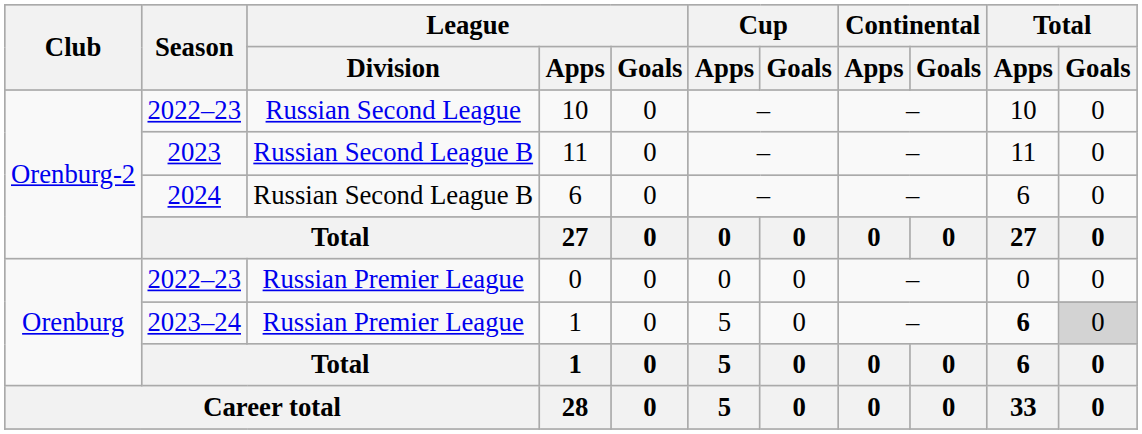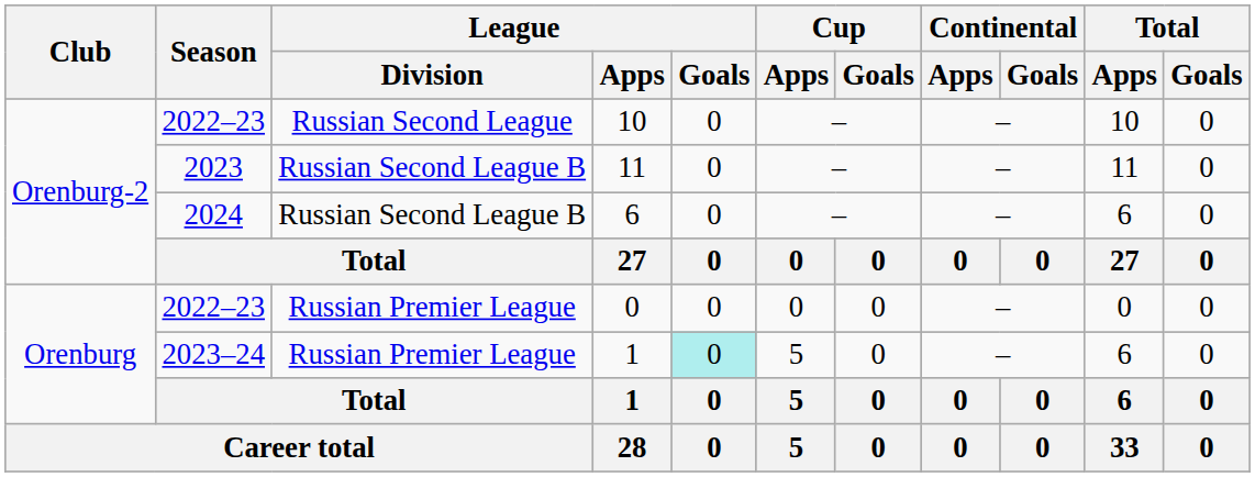 <table class="wikitable" style="text-align: center;">
 <tr>
 <th rowspan=2>Club</th>
 <th rowspan=2>Season</th>
 <th colspan=3>League</th>
 <th colspan=2>Cup</th>
 <th colspan=2>Continental</th>
 <th colspan=2>Total</th>
 </tr>
 <tr>
 <th>Division</th>
 <th>Apps</th>
 <th>Goals</th>
 <th>Apps</th>
 <th>Goals</th>
 <th>Apps</th>
 <th>Goals</th>
 <th>Apps</th>
 <th>Goals</th>
 </tr>
 <tr>
 <td rowspan="4"><a href='#'>Orenburg-2</a></td>
 <td><a href='#'>2022–23</a></td>
 <td><a href='#'>Russian Second League</a></td>
 <td>10</td>
 <td>0</td>
 <td colspan=2>–</td>
 <td colspan=2>–</td>
 <td>10</td>
 <td>0</td>
 </tr>
 <tr>
 <td><a href='#'>2023</a></td>
 <td><a href='#'>Russian Second League B</a></td>
 <td>11</td>
 <td>0</td>
 <td colspan=2>–</td>
 <td colspan=2>–</td>
 <td>11</td>
 <td>0</td>
 </tr>
 <tr>
 <td><a href='#'>2024</a></td>
 <td>Russian Second League B</td>
 <td>6</td>
 <td>0</td>
 <td colspan=2>–</td>
 <td colspan=2>–</td>
 <td>6</td>
 <td>0</td>
 </tr>
 <tr>
 <th colspan=2>Total</th>
 <th>27</th>
 <th>0</th>
 <th>0</th>
 <th>0</th>
 <th>0</th>
 <th>0</th>
 <th>27</th>
 <th>0</th>
 </tr>
 <tr>
 <td rowspan="3"><a href='#'>Orenburg</a></td>
 <td><a href='#'>2022–23</a></td>
 <td><a href='#'>Russian Premier League</a></td>
 <td>0</td>
 <td>0</td>
 <td>0</td>
 <td>0</td>
 <td colspan=2>–</td>
 <td>0</td>
 <td>0</td>
 </tr>
 <tr>
 <td><a href='#'>2023–24</a></td>
 <td><a href='#'>Russian Premier League</a></td>
 <td>1</td>
-<td>0</td>
+<td style="background: paleturquoise;">0</td>
 <td>5</td>
 <td>0</td>
 <td colspan=2>–</td>
-<td><strong>6</strong></td>
-<td style="background: lightgrey;">0</td>
+<td>6</td>
+<td>0</td>
 </tr>
 <tr>
 <th colspan=2>Total</th>
 <th>1</th>
 <th>0</th>
 <th>5</th>
 <th>0</th>
 <th>0</th>
 <th>0</th>
 <th>6</th>
 <th>0</th>
 </tr>
 <tr>
 <th colspan=3>Career total</th>
 <th>28</th>
 <th>0</th>
 <th>5</th>
 <th>0</th>
 <th>0</th>
 <th>0</th>
 <th>33</th>
 <th>0</th>
 </tr>
 </table>
